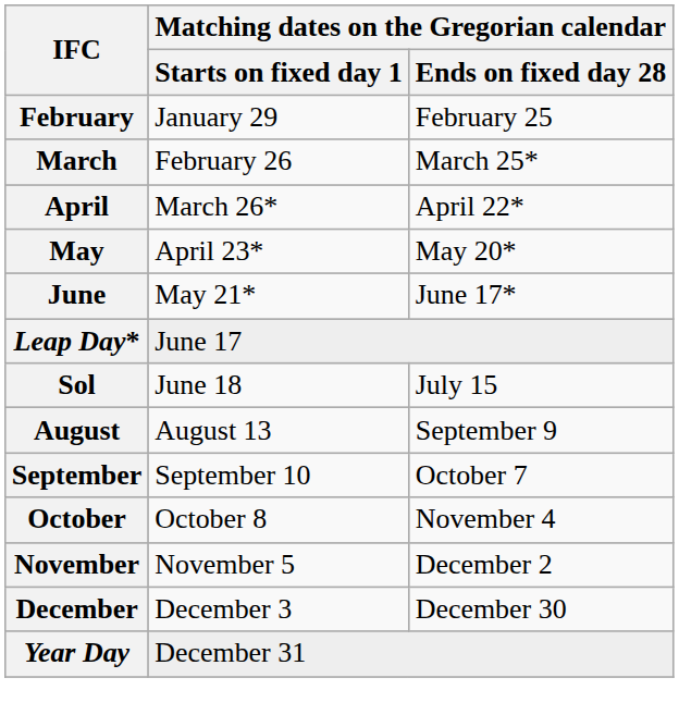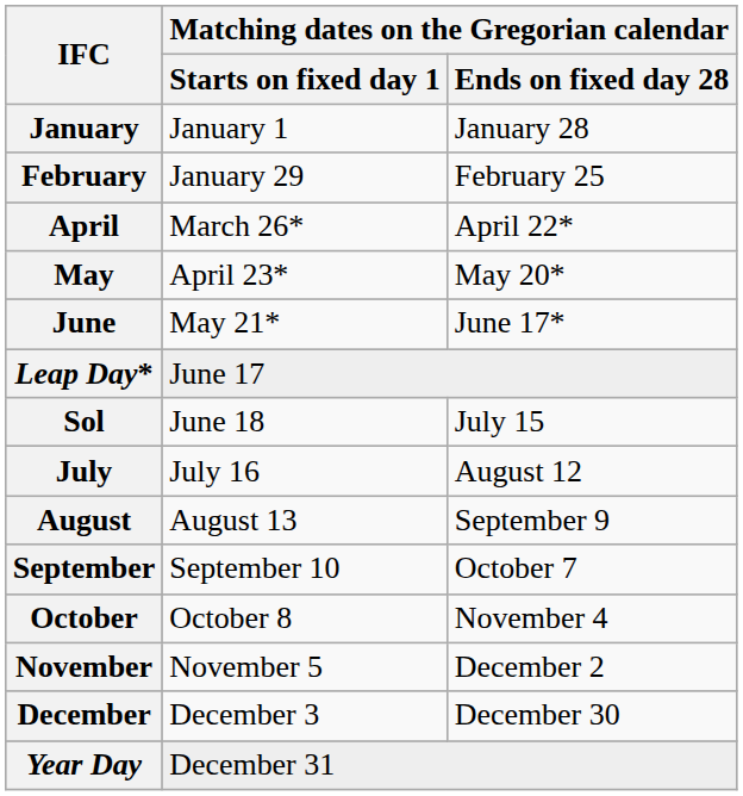 <table class="wikitable">
 <tr>
 <th scope="col" rowspan="2">IFC</th>
 <th scope="col" colspan="2">Matching dates on the Gregorian calendar</th>
 </tr>
 <tr>
 <th scope="col">Starts on fixed day 1</th>
 <th scope="col">Ends on fixed day 28</th>
 </tr>
 <tr>
+<th scope="row">January</th>
+<td>January 1</td>
+<td>January 28</td>
+</tr>
+<tr>
 <th scope="row">February</th>
 <td>January 29</td>
 <td>February 25</td>
-</tr>
-<tr>
-<th scope="row">March</th>
-<td>February 26</td>
-<td>March 25*</td>
 </tr>
 <tr>
 <th scope="row">April</th>
 <td>March 26*</td>
 <td>April 22*</td>
 </tr>
 <tr>
 <th scope="row">May</th>
 <td>April 23*</td>
 <td>May 20*</td>
 </tr>
 <tr>
 <th scope="row">June</th>
 <td>May 21*</td>
 <td>June 17*</td>
 </tr>
 <tr style="background-color:#EEE">
 <th scope="ro2"><em>Leap Day</em>*</th>
 <td colspan="2">June 17</td>
 </tr>
 <tr>
 <th scope="row">Sol</th>
 <td>June 18</td>
 <td>July 15</td>
+</tr>
+<tr>
+<th scope="row">July</th>
+<td>July 16</td>
+<td>August 12</td>
 </tr>
 <tr>
 <th scope="row">August</th>
 <td>August 13</td>
 <td>September 9</td>
 </tr>
 <tr>
 <th scope="row">September</th>
 <td>September 10</td>
 <td>October 7</td>
 </tr>
 <tr>
 <th scope="row">October</th>
 <td>October 8</td>
 <td>November 4</td>
 </tr>
 <tr>
 <th scope="row">November</th>
 <td>November 5</td>
 <td>December 2</td>
 </tr>
 <tr>
 <th scope="row">December</th>
 <td>December 3</td>
 <td>December 30</td>
 </tr>
 <tr style="background-color:#EEE">
 <th scope="row"><em>Year Day</em></th>
 <td colspan="2">December 31</td>
 </tr>
 </table>
